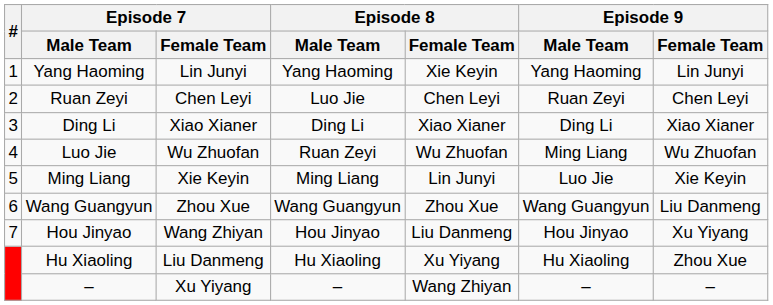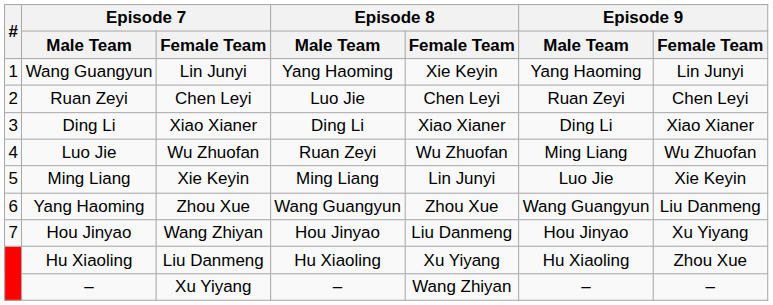 <table class="wikitable sortable" style="text-align:center;">
 <tr>
 <th rowspan="2">#</th>
 <th colspan="2">Episode 7</th>
 <th colspan="2">Episode 8</th>
 <th colspan="2">Episode 9</th>
 </tr>
 <tr>
 <th>Male Team</th>
 <th>Female Team</th>
 <th>Male Team</th>
 <th>Female Team</th>
 <th>Male Team</th>
 <th>Female Team</th>
 </tr>
 <tr>
 <td>1</td>
-<td>Yang Haoming</td>
+<td>Wang Guangyun</td>
 <td>Lin Junyi</td>
 <td>Yang Haoming</td>
 <td>Xie Keyin</td>
 <td>Yang Haoming</td>
 <td>Lin Junyi</td>
 </tr>
 <tr>
 <td>2</td>
 <td>Ruan Zeyi</td>
 <td>Chen Leyi</td>
 <td>Luo Jie</td>
 <td>Chen Leyi</td>
 <td>Ruan Zeyi</td>
 <td>Chen Leyi</td>
 </tr>
 <tr>
 <td>3</td>
 <td>Ding Li</td>
 <td>Xiao Xianer</td>
 <td>Ding Li</td>
 <td>Xiao Xianer</td>
 <td>Ding Li</td>
 <td>Xiao Xianer</td>
 </tr>
 <tr>
 <td>4</td>
 <td>Luo Jie</td>
 <td>Wu Zhuofan</td>
 <td>Ruan Zeyi</td>
 <td>Wu Zhuofan</td>
 <td>Ming Liang</td>
 <td>Wu Zhuofan</td>
 </tr>
 <tr>
 <td>5</td>
 <td>Ming Liang</td>
 <td>Xie Keyin</td>
 <td>Ming Liang</td>
 <td>Lin Junyi</td>
 <td>Luo Jie</td>
 <td>Xie Keyin</td>
 </tr>
 <tr>
 <td>6</td>
-<td>Wang Guangyun</td>
+<td>Yang Haoming</td>
 <td>Zhou Xue</td>
 <td>Wang Guangyun</td>
 <td>Zhou Xue</td>
 <td>Wang Guangyun</td>
 <td>Liu Danmeng</td>
 </tr>
 <tr>
 <td>7</td>
 <td>Hou Jinyao</td>
 <td>Wang Zhiyan</td>
 <td>Hou Jinyao</td>
 <td>Liu Danmeng</td>
 <td>Hou Jinyao</td>
 <td>Xu Yiyang</td>
 </tr>
 <tr>
 <td ! rowspan="2" style="background:red;"></td>
 <td>Hu Xiaoling</td>
 <td>Liu Danmeng</td>
 <td>Hu Xiaoling</td>
 <td>Xu Yiyang</td>
 <td>Hu Xiaoling</td>
 <td>Zhou Xue</td>
 </tr>
 <tr>
 <td>–</td>
 <td>Xu Yiyang</td>
 <td>–</td>
 <td>Wang Zhiyan</td>
 <td>–</td>
 <td>–</td>
 </tr>
 </table>
